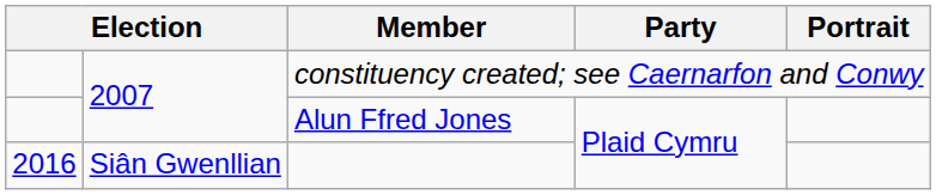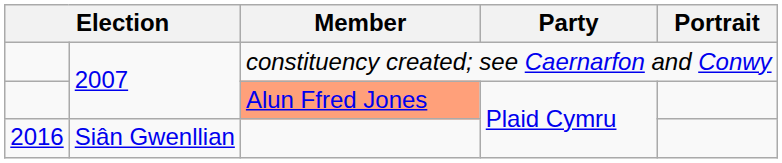 <table class="wikitable">
 <tr>
 <th colspan="2">Election</th>
 <th>Member</th>
 <th>Party</th>
 <th>Portrait</th>
 </tr>
 <tr>
 <td></td>
 <td rowspan="2"><a href='#'>2007</a></td>
 <td colspan="3"><em>constituency created; see <a href='#'>Caernarfon</a> and <a href='#'>Conwy</a></em></td>
 </tr>
 <tr>
 <td ! style="background-color: "></td>
-<td><a href='#'>Alun Ffred Jones</a></td>
+<td style="background: lightsalmon;"><a href='#'>Alun Ffred Jones</a></td>
 <td rowspan="2"><a href='#'>Plaid Cymru</a></td>
 <td></td>
 </tr>
 <tr>
 <td><a href='#'>2016</a></td>
 <td><a href='#'>Siân Gwenllian</a></td>
 <td></td>
 </tr>
 </table>
